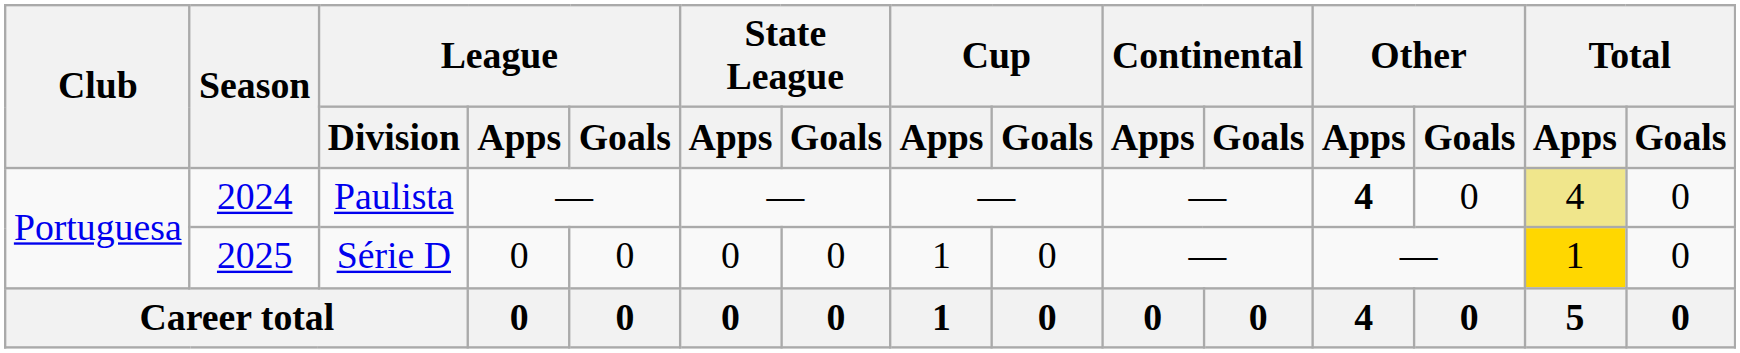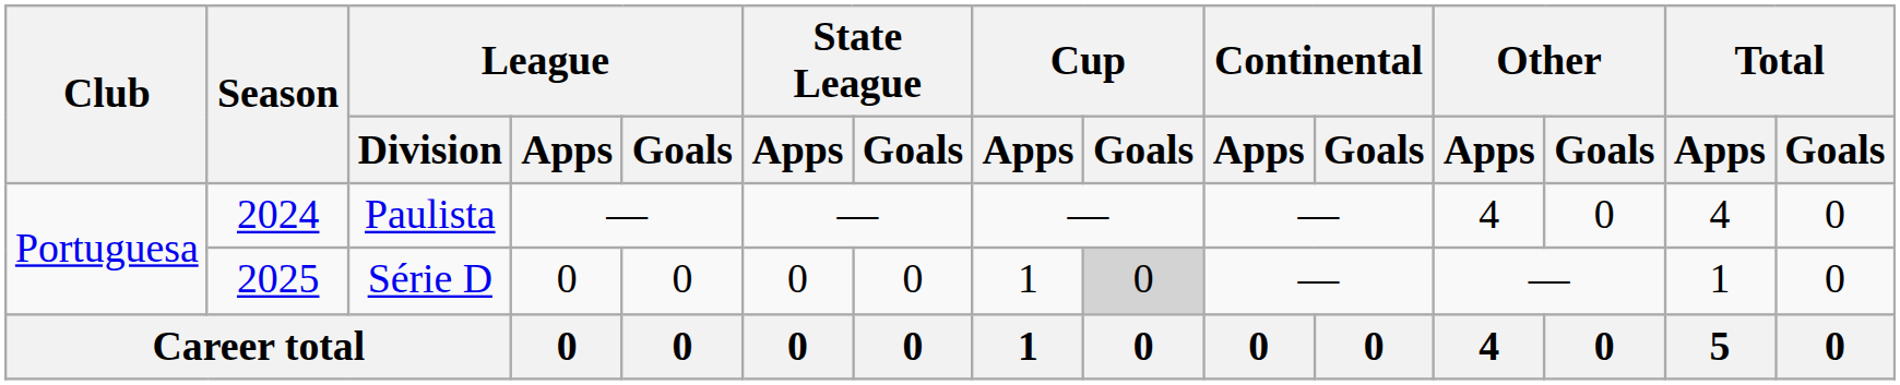 <table class="wikitable" style="text-align: center;">
 <tr>
 <th rowspan="2">Club</th>
 <th rowspan="2">Season</th>
 <th colspan="3">League</th>
 <th colspan="2">State League</th>
 <th colspan="2">Cup</th>
 <th colspan="2">Continental</th>
 <th colspan="2">Other</th>
 <th colspan="2">Total</th>
 </tr>
 <tr>
 <th>Division</th>
 <th>Apps</th>
 <th>Goals</th>
 <th>Apps</th>
 <th>Goals</th>
 <th>Apps</th>
 <th>Goals</th>
 <th>Apps</th>
 <th>Goals</th>
 <th>Apps</th>
 <th>Goals</th>
 <th>Apps</th>
 <th>Goals</th>
 </tr>
 <tr>
 <td rowspan="2" valign="center"><a href='#'>Portuguesa</a></td>
 <td><a href='#'>2024</a></td>
 <td><a href='#'>Paulista</a></td>
 <td colspan="2">—</td>
 <td colspan="2">—</td>
 <td colspan="2">—</td>
 <td colspan="2">—</td>
-<td><strong>4</strong></td>
+<td>4</td>
 <td>0</td>
-<td style="background: khaki;">4</td>
+<td>4</td>
 <td>0</td>
 </tr>
 <tr>
 <td><a href='#'>2025</a></td>
 <td><a href='#'>Série D</a></td>
 <td>0</td>
 <td>0</td>
 <td>0</td>
 <td>0</td>
 <td>1</td>
-<td>0</td>
+<td style="background: lightgrey;">0</td>
 <td colspan="2">—</td>
 <td colspan="2">—</td>
-<td style="background: gold;">1</td>
+<td>1</td>
 <td>0</td>
 </tr>
 <tr>
 <th colspan="3"><strong>Career total</strong></th>
 <th>0</th>
 <th>0</th>
 <th>0</th>
 <th>0</th>
 <th>1</th>
 <th>0</th>
 <th>0</th>
 <th>0</th>
 <th>4</th>
 <th>0</th>
 <th>5</th>
 <th>0</th>
 </tr>
 </table>
